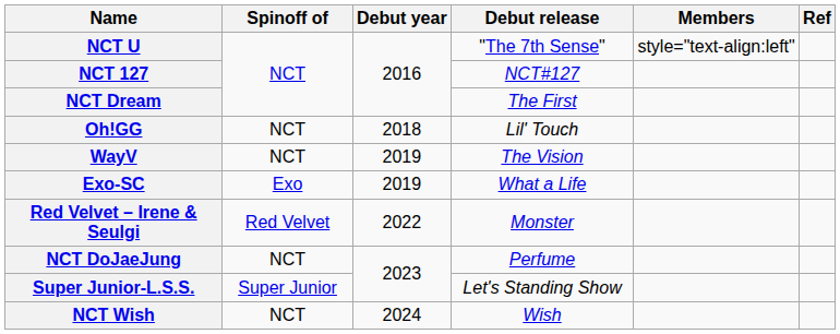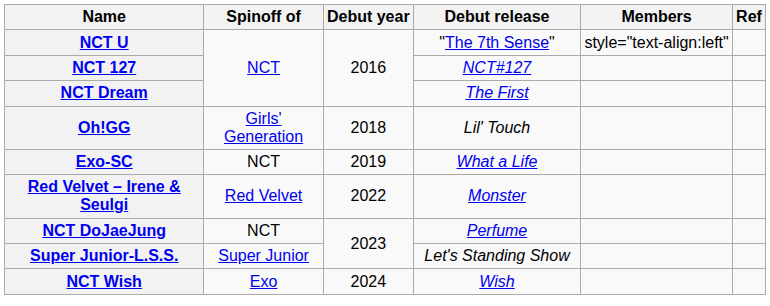 <table class="wikitable plainrowheaders sortable" style="text-align:center">
 <tr>
 <th scope="col" style="width:12em">Name</th>
 <th scope="col" style="width:7em">Spinoff of</th>
 <th>Debut year</th>
 <th class="unsortable" scope="col" style="width:10em">Debut release</th>
 <th class="unsortable">Members</th>
 <th class="unsortable">Ref</th>
 </tr>
 <tr>
 <th scope="row"><a href='#'>NCT U</a></th>
 <td rowspan="3"><a href='#'>NCT</a></td>
 <td rowspan="3">2016</td>
 <td>"<a href='#'>The 7th Sense</a>"</td>
 <td>style="text-align:left" </td>
 <td></td>
 </tr>
 <tr>
 <th scope="row"><a href='#'>NCT 127</a></th>
 <td><em><a href='#'>NCT#127</a></em></td>
 <td style="text-align:left"><br><small></small></td>
 <td></td>
 </tr>
 <tr>
 <th scope="row"><a href='#'>NCT Dream</a></th>
 <td><em><a href='#'>The First</a></em></td>
 <td></td>
 <td></td>
 </tr>
 <tr>
 <th scope="row"><a href='#'>Oh!GG</a></th>
-<td>NCT</td>
+<td><a href='#'>Girls' Generation</a></td>
 <td>2018</td>
 <td><em>Lil' Touch</em></td>
 <td style="text-align:left"><br><small></small></td>
 <td></td>
 </tr>
 <tr>
-<th scope="row"><a href='#'>WayV</a></th>
+<th scope="row"><a href='#'>Exo-SC</a></th>
 <td>NCT</td>
-<td>2019</td>
-<td><em><a href='#'>The Vision</a></em></td>
-<td style="text-align:left"><br><small></small></td>
-<td></td>
-</tr>
-<tr>
-<th scope="row"><a href='#'>Exo-SC</a></th>
-<td><a href='#'>Exo</a></td>
 <td>2019</td>
 <td><em><a href='#'>What a Life</a></em></td>
 <td style="text-align:left"></td>
 <td></td>
 </tr>
 <tr>
 <th scope="row"><a href='#'>Red Velvet – Irene & Seulgi</a></th>
 <td><a href='#'>Red Velvet</a></td>
 <td>2022</td>
 <td><em><a href='#'>Monster</a></em></td>
 <td style="text-align:left"></td>
 <td></td>
 </tr>
 <tr>
 <th scope="row"><a href='#'>NCT DoJaeJung</a></th>
 <td>NCT</td>
 <td rowspan="2">2023</td>
 <td><em><a href='#'>Perfume</a></em></td>
 <td style="text-align:left"></td>
 <td></td>
 </tr>
 <tr>
 <th scope="row"><a href='#'>Super Junior-L.S.S.</a></th>
 <td><a href='#'>Super Junior</a></td>
 <td><em>Let's Standing Show</em></td>
 <td style="text-align:left"></td>
 <td></td>
 </tr>
 <tr>
 <th scope="row"><a href='#'>NCT Wish</a></th>
-<td>NCT</td>
+<td><a href='#'>Exo</a></td>
 <td>2024</td>
 <td><em><a href='#'>Wish</a></em></td>
 <td style="text-align:left"></td>
 <td></td>
 </tr>
 </table>
